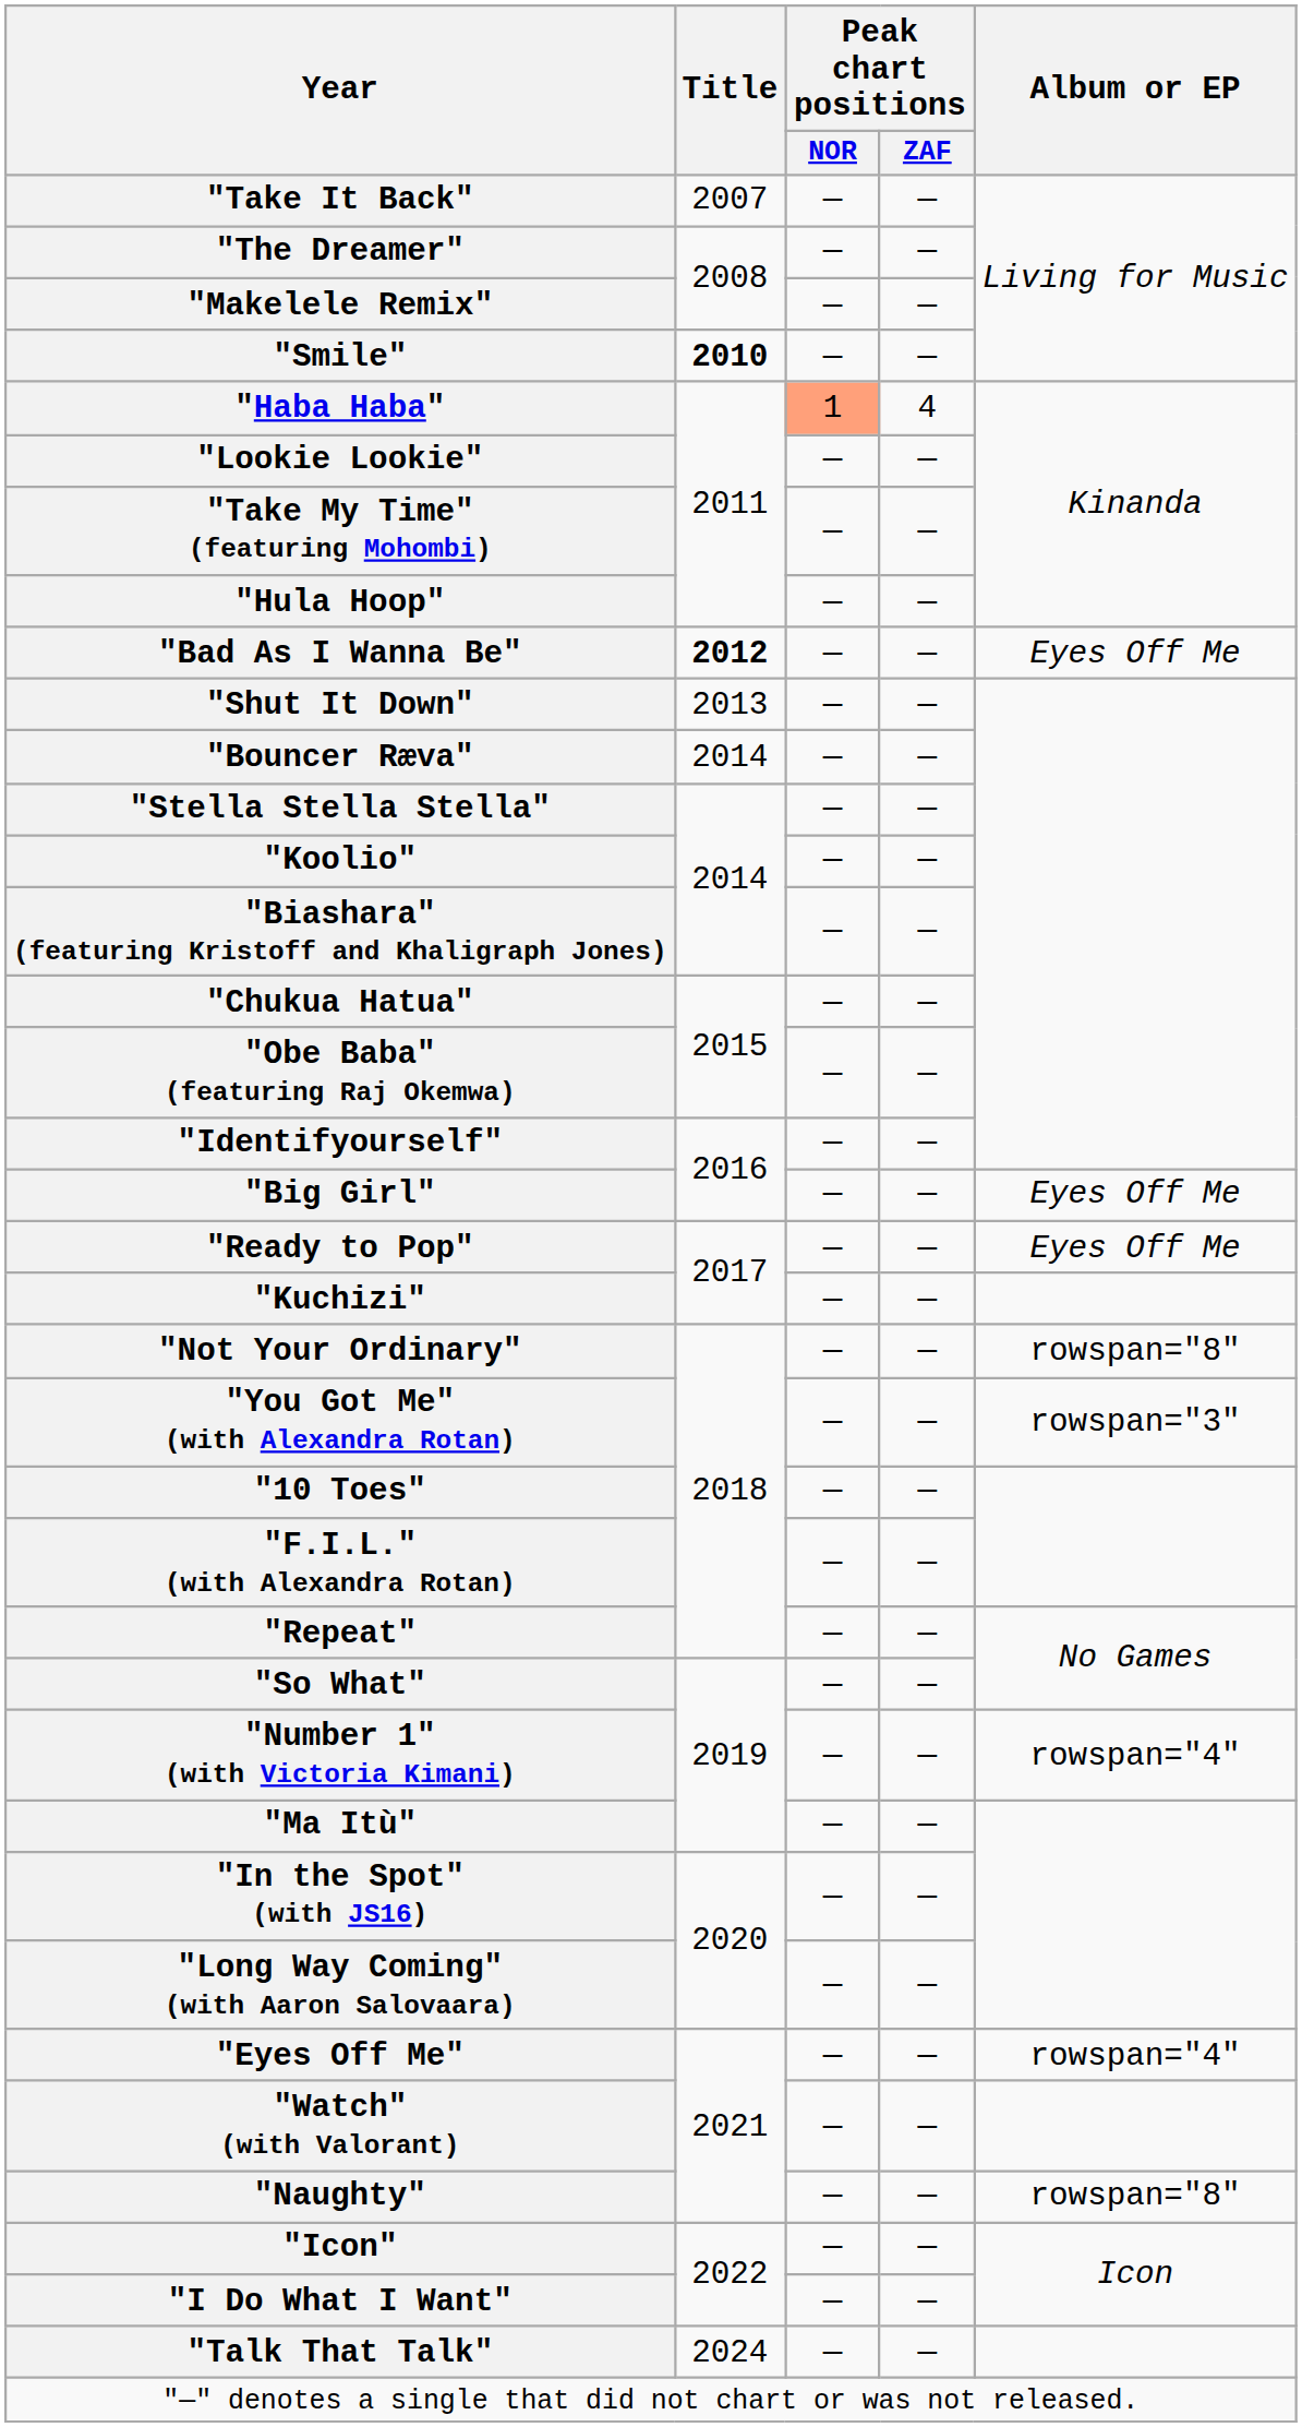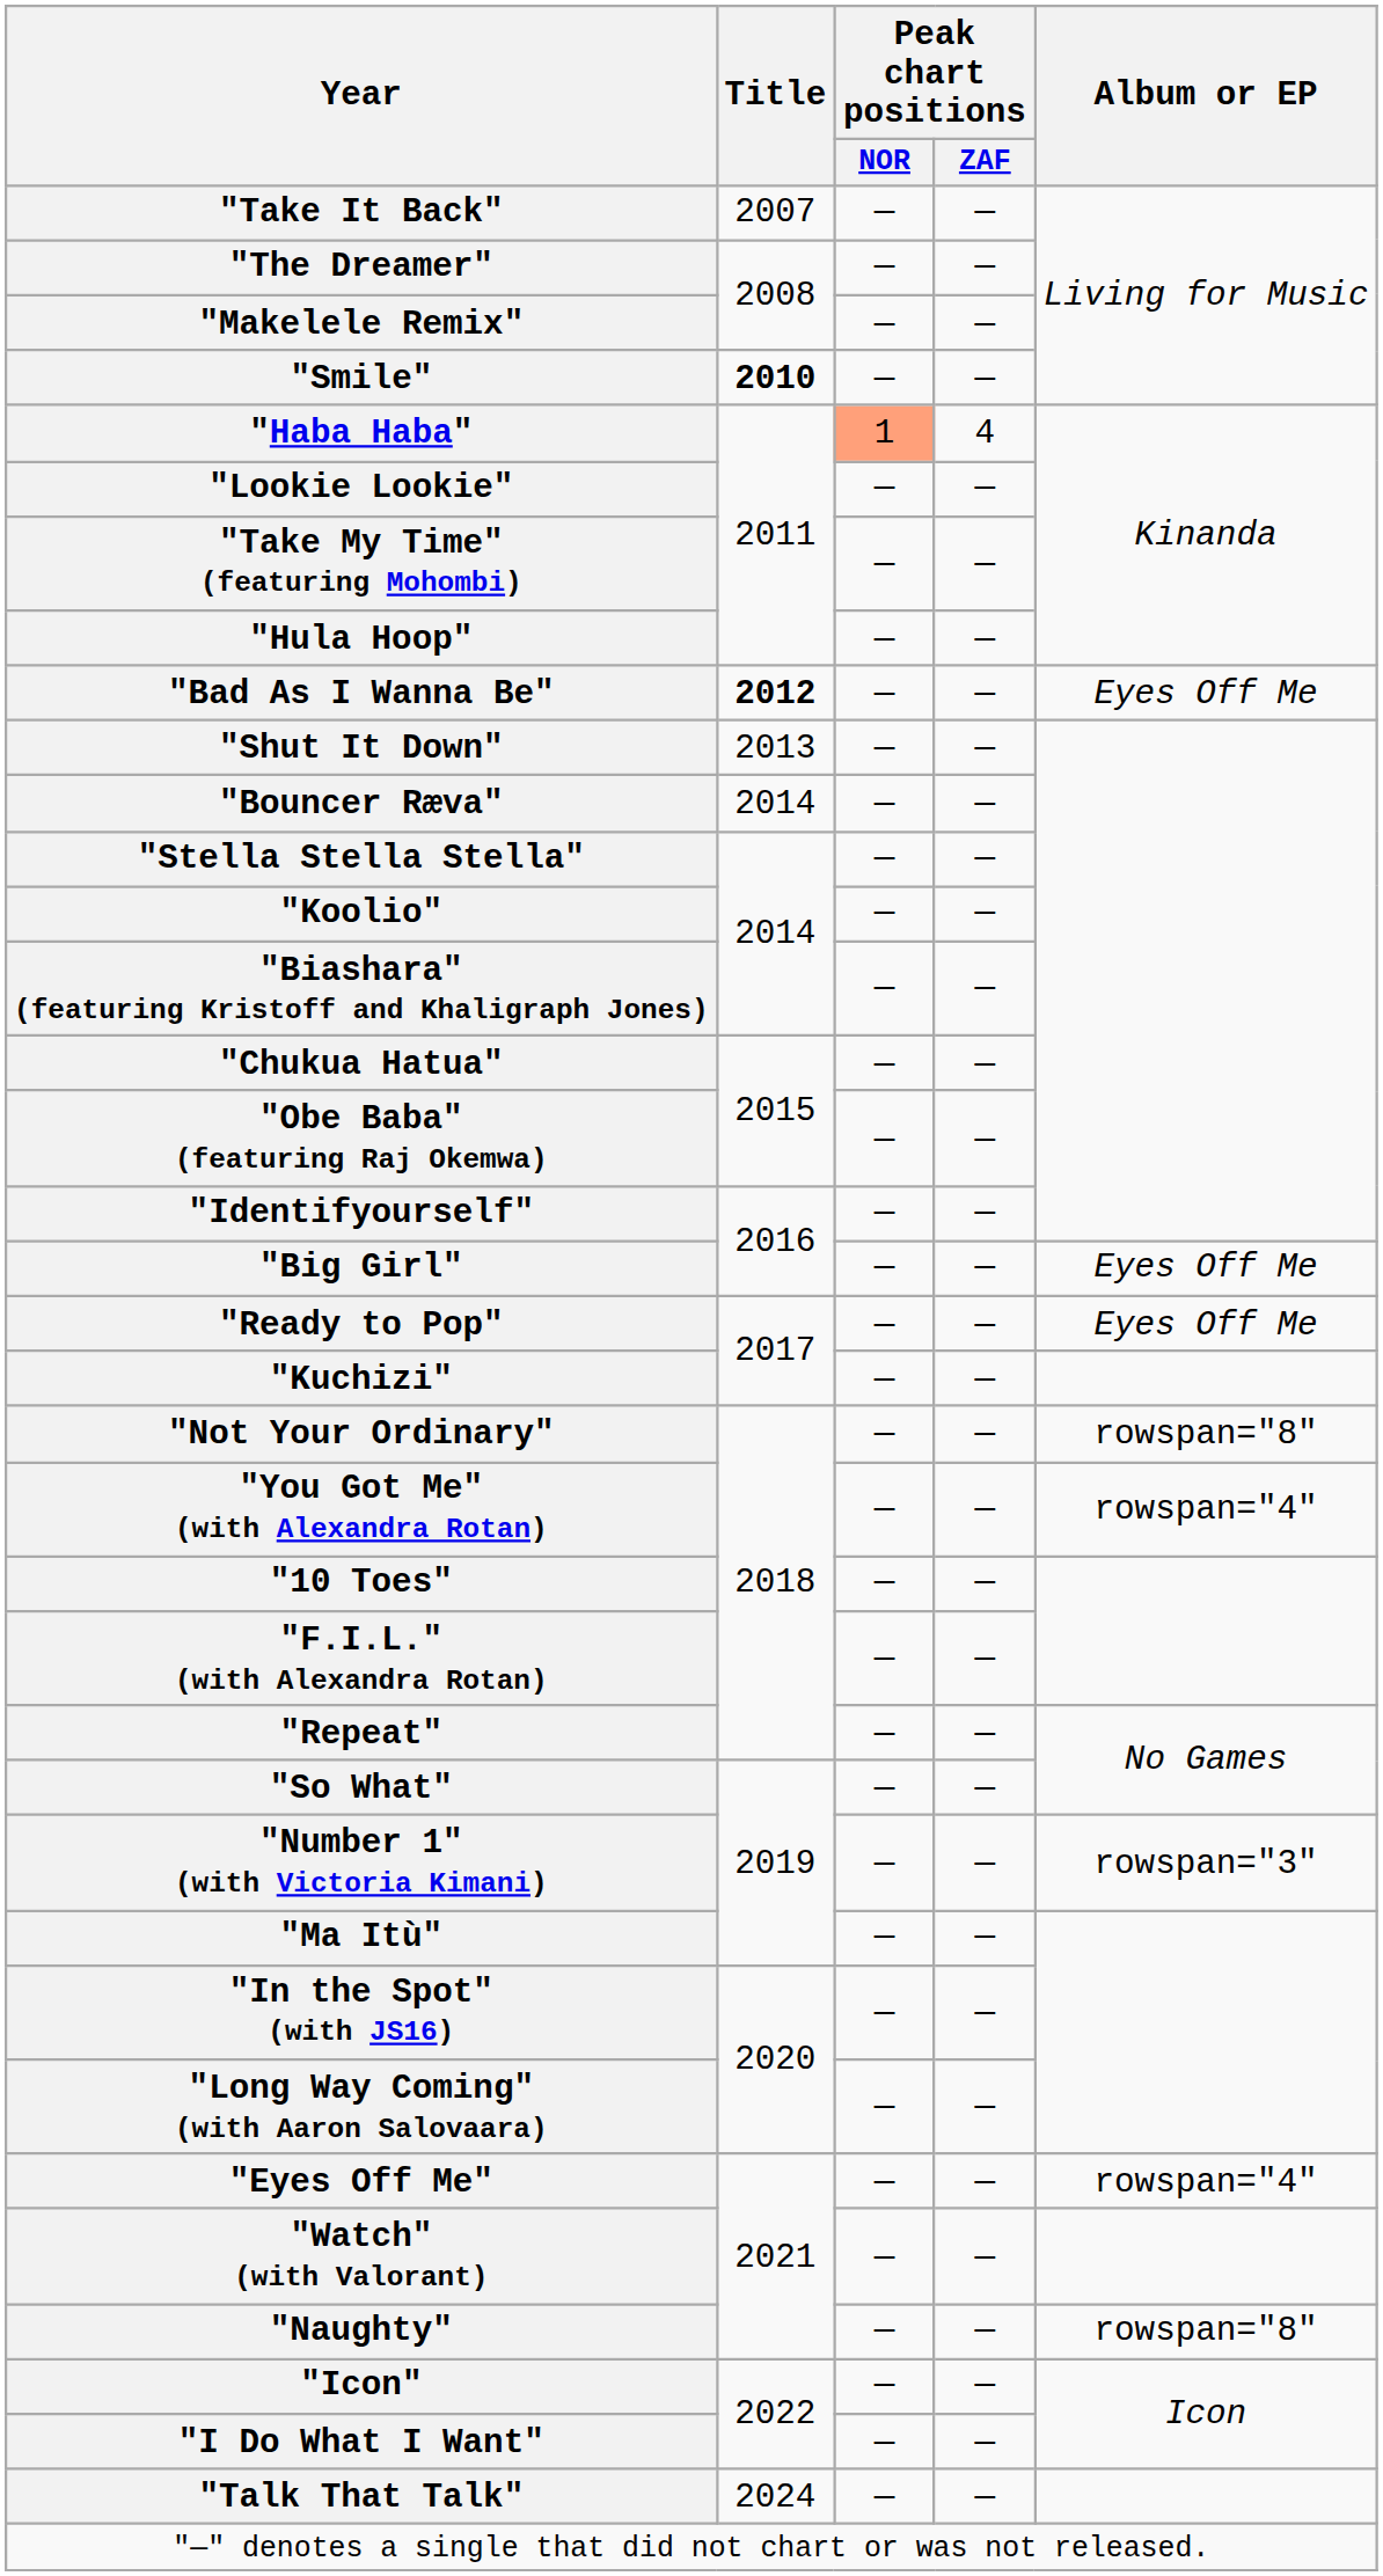 <table class="wikitable plainrowheaders" style="text-align:center;">
 <tr>
 <th scope="col" rowspan="2">Year</th>
 <th scope="col" rowspan="2">Title</th>
 <th scope="col" colspan="2">Peak chart positions</th>
 <th scope="col" rowspan="2">Album or EP</th>
 </tr>
 <tr>
 <th scope="col" style="width:3em;font-size:85%;"><a href='#'>NOR</a><br></th>
 <th scope="col" style="width:3em;font-size:85%;"><a href='#'>ZAF</a><br></th>
 </tr>
 <tr>
 <th scope="row">"Take It Back"</th>
 <td>2007</td>
 <td>—</td>
 <td>—</td>
 <td rowspan="4"><em>Living for Music</em></td>
 </tr>
 <tr>
 <th scope="row">"The Dreamer"</th>
 <td rowspan="2">2008</td>
 <td>—</td>
 <td>—</td>
 </tr>
 <tr>
 <th scope="row">"Makelele Remix"</th>
 <td>—</td>
 <td>—</td>
 </tr>
 <tr>
 <th scope="row">"Smile"</th>
 <td><strong>2010</strong></td>
 <td>—</td>
 <td>—</td>
 </tr>
 <tr>
 <th scope="row">"<a href='#'>Haba Haba</a>"</th>
 <td rowspan="4">2011</td>
 <td style="background: lightsalmon;">1</td>
 <td>4</td>
 <td rowspan="4"><em>Kinanda</em></td>
 </tr>
 <tr>
 <th scope="row">"Lookie Lookie"</th>
 <td>—</td>
 <td>—</td>
 </tr>
 <tr>
 <th scope="row">"Take My Time"<br><small>(featuring <a href='#'>Mohombi</a>)</small></th>
 <td>—</td>
 <td>—</td>
 </tr>
 <tr>
 <th scope="row">"Hula Hoop"</th>
 <td>—</td>
 <td>—</td>
 </tr>
 <tr>
 <th scope="row">"Bad As I Wanna Be"</th>
 <td><strong>2012</strong></td>
 <td>—</td>
 <td>—</td>
 <td><em>Eyes Off Me</em></td>
 </tr>
 <tr>
 <th scope="row">"Shut It Down"</th>
 <td>2013</td>
 <td>—</td>
 <td>—</td>
 </tr>
 <tr>
 <th scope="row">"Bouncer Ræva"</th>
 <td>2014</td>
 <td>—</td>
 <td>—</td>
 </tr>
 <tr>
 <th scope="row">"Stella Stella Stella"</th>
 <td rowspan="3">2014</td>
 <td>—</td>
 <td>—</td>
 </tr>
 <tr>
 <th scope="row">"Koolio"</th>
 <td>—</td>
 <td>—</td>
 </tr>
 <tr>
 <th scope="row">"Biashara"<br><small>(featuring Kristoff and Khaligraph Jones)</small></th>
 <td>—</td>
 <td>—</td>
 </tr>
 <tr>
 <th scope="row">"Chukua Hatua"</th>
 <td rowspan="2">2015</td>
 <td>—</td>
 <td>—</td>
 </tr>
 <tr>
 <th scope="row">"Obe Baba"<br><small>(featuring Raj Okemwa)</small></th>
 <td>—</td>
 <td>—</td>
 </tr>
 <tr>
 <th scope="row">"Identifyourself"</th>
 <td rowspan="2">2016</td>
 <td>—</td>
 <td>—</td>
 </tr>
 <tr>
 <th scope="row">"Big Girl"</th>
 <td>—</td>
 <td>—</td>
 <td><em>Eyes Off Me</em></td>
 </tr>
 <tr>
 <th scope="row">"Ready to Pop"</th>
 <td rowspan="2">2017</td>
 <td>—</td>
 <td>—</td>
 <td><em>Eyes Off Me</em></td>
 </tr>
 <tr>
 <th scope="row">"Kuchizi"</th>
 <td>—</td>
 <td>—</td>
 </tr>
 <tr>
 <th scope="row">"Not Your Ordinary"</th>
 <td rowspan="5">2018</td>
 <td>—</td>
 <td>—</td>
 <td>rowspan="8" </td>
 </tr>
 <tr>
 <th scope="row">"You Got Me"<br><small>(with <a href='#'>Alexandra Rotan</a>)</small></th>
 <td>—</td>
 <td>—</td>
-<td>rowspan="3" </td>
+<td>rowspan="4" </td>
 </tr>
 <tr>
 <th scope="row">"10 Toes"</th>
 <td>—</td>
 <td>—</td>
 </tr>
 <tr>
 <th scope="row">"F.I.L."<br><small>(with Alexandra Rotan)</small></th>
 <td>—</td>
 <td>—</td>
 </tr>
 <tr>
 <th scope="row">"Repeat"</th>
 <td>—</td>
 <td>—</td>
 <td rowspan="2"><em>No Games</em></td>
 </tr>
 <tr>
 <th scope="row">"So What"</th>
 <td rowspan="3">2019</td>
 <td>—</td>
 <td>—</td>
 </tr>
 <tr>
 <th scope="row">"Number 1"<br><small>(with <a href='#'>Victoria Kimani</a>)</small></th>
 <td>—</td>
 <td>—</td>
-<td>rowspan="4" </td>
+<td>rowspan="3" </td>
 </tr>
 <tr>
 <th scope="row">"Ma Itù"</th>
 <td>—</td>
 <td>—</td>
 </tr>
 <tr>
 <th scope="row">"In the Spot"<br><small>(with <a href='#'>JS16</a>)</small></th>
 <td rowspan="2">2020</td>
 <td>—</td>
 <td>—</td>
 </tr>
 <tr>
 <th scope="row">"Long Way Coming"<br><small>(with Aaron Salovaara)</small></th>
 <td>—</td>
 <td>—</td>
 </tr>
 <tr>
 <th scope="row">"Eyes Off Me"</th>
 <td rowspan="3">2021</td>
 <td>—</td>
 <td>—</td>
 <td>rowspan="4" </td>
 </tr>
 <tr>
 <th scope="row">"Watch"<br><small>(with Valorant)</small></th>
 <td>—</td>
 <td>—</td>
 <td></td>
 </tr>
 <tr>
 <th scope="row">"Naughty"</th>
 <td>—</td>
 <td>—</td>
 <td>rowspan="8" </td>
 </tr>
 <tr>
 <th scope="row">"Icon"</th>
 <td rowspan="2">2022</td>
 <td>—</td>
 <td>—</td>
 <td rowspan="2"><em>Icon</em></td>
 </tr>
 <tr>
 <th scope="row">"I Do What I Want"</th>
 <td>—</td>
 <td>—</td>
 </tr>
 <tr>
 <th scope="row">"Talk That Talk"</th>
 <td>2024</td>
 <td>—</td>
 <td>—</td>
 <td></td>
 </tr>
 <tr>
 <td colspan="5" style="text-align:center; font-size:85%;">"—" denotes a single that did not chart or was not released.</td>
 </tr>
 </table>
